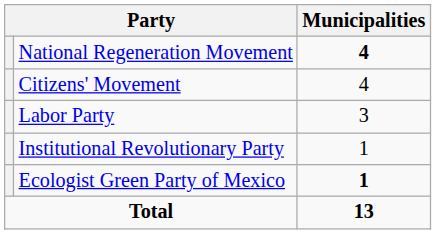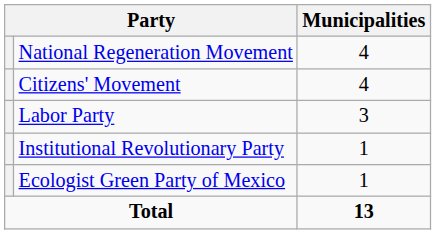 <table class="wikitable" style="text-align:center;">
 <tr>
 <th colspan="2">Party</th>
 <th>Municipalities</th>
 </tr>
 <tr>
 <th style="background-color:"></th>
 <td style="text-align:left;"><a href='#'>National Regeneration Movement</a></td>
-<td><strong>4</strong></td>
+<td>4</td>
 </tr>
 <tr>
 <th style="background-color:"></th>
 <td style="text-align:left;"><a href='#'>Citizens' Movement</a></td>
 <td>4</td>
 </tr>
 <tr>
 <th style="background-color:"></th>
 <td style="text-align:left;"><a href='#'>Labor Party</a></td>
 <td>3</td>
 </tr>
 <tr>
 <th style="background-color:"></th>
 <td style="text-align:left;"><a href='#'>Institutional Revolutionary Party</a></td>
 <td>1</td>
 </tr>
 <tr>
 <th style="background-color:"></th>
 <td style="text-align:left;"><a href='#'>Ecologist Green Party of Mexico</a></td>
-<td><strong>1</strong></td>
+<td>1</td>
 </tr>
 <tr>
 <td colspan="2"><strong>Total</strong></td>
 <td><strong>13</strong></td>
 </tr>
 </table>
